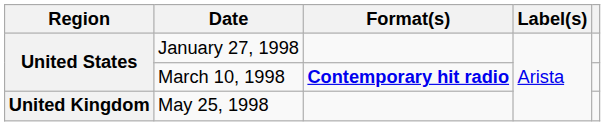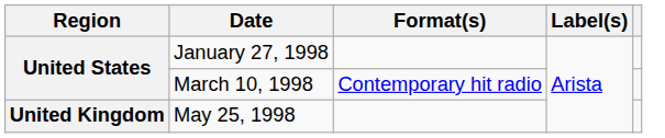 <table class="wikitable plainrowheaders">
 <tr>
 <th scope="col">Region</th>
 <th scope="col">Date</th>
 <th scope="col">Format(s)</th>
 <th scope="col">Label(s)</th>
 <th scope="col"></th>
 </tr>
 <tr>
 <th scope="row" rowspan="2">United States</th>
 <td>January 27, 1998</td>
 <td></td>
 <td rowspan="3"><a href='#'>Arista</a></td>
 <td></td>
 </tr>
 <tr>
 <td>March 10, 1998</td>
-<td><strong><a href='#'>Contemporary hit radio</a></strong></td>
+<td><a href='#'>Contemporary hit radio</a></td>
 <td></td>
 </tr>
 <tr>
 <th scope="row">United Kingdom</th>
 <td>May 25, 1998</td>
 <td></td>
 <td></td>
 </tr>
 </table>
